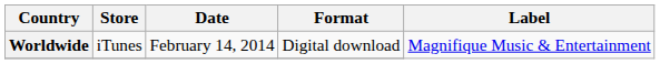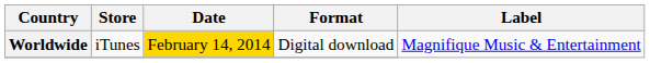 <table class="wikitable plainrowheaders">
 <tr>
 <th scope="col">Country</th>
 <th scope="col">Store</th>
 <th scope="col">Date</th>
 <th scope="col">Format</th>
 <th scope="col">Label</th>
 </tr>
 <tr>
 <th scope="row">Worldwide</th>
 <td>iTunes</td>
-<td>February 14, 2014</td>
+<td style="background: gold;">February 14, 2014</td>
 <td>Digital download</td>
 <td rowspan="5"><a href='#'>Magnifique Music & Entertainment</a></td>
 </tr>
 <tr>
 </tr>
 </table>
